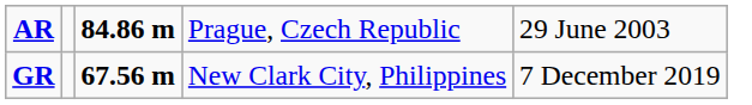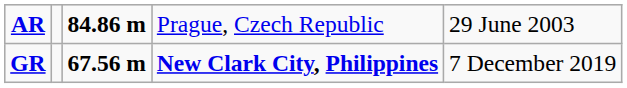 <table class="wikitable" style="font-size:95%; position:relative;">
 <tr>
 <td align=center><strong><a href='#'>AR</a></strong></td>
 <td></td>
 <td><strong>84.86 m</strong></td>
 <td><a href='#'>Prague</a>, <a href='#'>Czech Republic</a></td>
 <td>29 June 2003</td>
 </tr>
 <tr>
 <td align=center><strong><a href='#'>GR</a></strong></td>
 <td></td>
 <td><strong>67.56 m</strong></td>
-<td><a href='#'>New Clark City</a>, <a href='#'>Philippines</a></td>
+<td><strong><a href='#'>New Clark City</a>, <a href='#'>Philippines</a></strong></td>
 <td>7 December 2019</td>
 </tr>
 </table>
